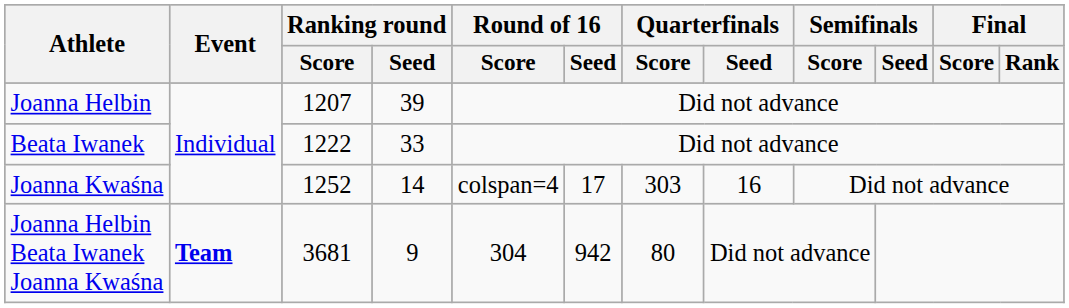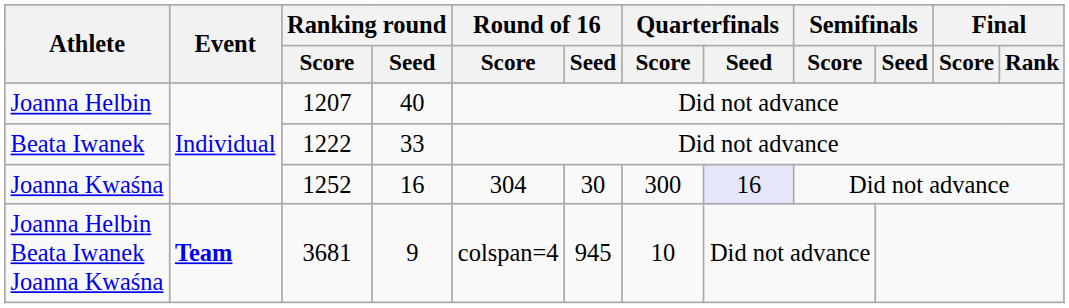 <table class="wikitable" style="font-size:90%">
 <tr>
 <th rowspan="2">Athlete</th>
 <th rowspan="2">Event</th>
 <th colspan="2">Ranking round</th>
 <th colspan="2">Round of 16</th>
 <th colspan="2">Quarterfinals</th>
 <th colspan="2">Semifinals</th>
 <th colspan="2">Final</th>
 </tr>
 <tr style="font-size:95%">
 <th>Score</th>
 <th>Seed</th>
 <th>Score</th>
 <th>Seed</th>
 <th>Score</th>
 <th>Seed</th>
 <th>Score</th>
 <th>Seed</th>
 <th>Score</th>
 <th>Rank</th>
 </tr>
 <tr align=center>
 <td align=left><a href='#'>Joanna Helbin</a></td>
 <td align=left rowspan=3><a href='#'>Individual</a></td>
 <td>1207</td>
-<td>39</td>
+<td>40</td>
 <td colspan=8>Did not advance</td>
 </tr>
 <tr align=center>
 <td align=left><a href='#'>Beata Iwanek</a></td>
 <td>1222</td>
 <td>33</td>
 <td colspan=8>Did not advance</td>
 </tr>
 <tr align=center>
 <td align=left><a href='#'>Joanna Kwaśna</a></td>
 <td>1252</td>
-<td>14</td>
-<td>colspan=4 </td>
-<td>17</td>
-<td>303</td>
 <td>16</td>
+<td>304</td>
+<td>30</td>
+<td>300</td>
+<td style="background: lavender;">16</td>
 <td colspan=4>Did not advance</td>
 </tr>
 <tr align=center>
 <td align=left><a href='#'>Joanna Helbin</a><br><a href='#'>Beata Iwanek</a><br><a href='#'>Joanna Kwaśna</a></td>
 <td align=left><strong><a href='#'>Team</a></strong></td>
 <td>3681</td>
 <td>9</td>
-<td>304</td>
-<td>942</td>
-<td>80</td>
+<td>colspan=4 </td>
+<td>945</td>
+<td>10</td>
 <td colspan=2>Did not advance</td>
 </tr>
 </table>
